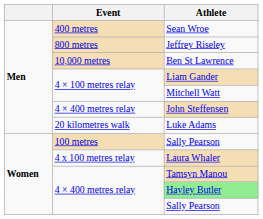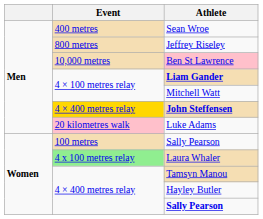 <table class="wikitable"  style="font-size:90%; width:60%;">
 <tr>
 <th></th>
 <th>Event</th>
 <th>Athlete</th>
 </tr>
 <tr>
 <td rowspan=7><strong>Men</strong></td>
 <td style="background:wheat;"><a href='#'>400 metres</a></td>
 <td><a href='#'>Sean Wroe</a></td>
 </tr>
 <tr>
 <td style="background:wheat;"><a href='#'>800 metres</a></td>
 <td><a href='#'>Jeffrey Riseley</a></td>
 </tr>
 <tr>
 <td style="background:wheat;"><a href='#'>10,000 metres</a></td>
-<td><a href='#'>Ben St Lawrence</a></td>
+<td style="background: pink;"><a href='#'>Ben St Lawrence</a></td>
 </tr>
 <tr>
 <td rowspan=2><a href='#'>4 × 100 metres relay</a></td>
-<td style="background:wheat;"><a href='#'>Liam Gander</a></td>
+<td style="background:wheat;"><strong><a href='#'>Liam Gander</a></strong></td>
 </tr>
 <tr>
 <td><a href='#'>Mitchell Watt</a></td>
 </tr>
 <tr>
-<td><a href='#'>4 × 400 metres relay</a></td>
-<td style="background:wheat;"><a href='#'>John Steffensen</a></td>
+<td style="background: gold;"><a href='#'>4 × 400 metres relay</a></td>
+<td style="background:wheat;"><strong><a href='#'>John Steffensen</a></strong></td>
 </tr>
 <tr>
-<td><a href='#'>20 kilometres walk</a></td>
+<td style="background: pink;"><a href='#'>20 kilometres walk</a></td>
 <td><a href='#'>Luke Adams</a></td>
 </tr>
 <tr>
 <td rowspan=5><strong>Women</strong></td>
 <td style="background:wheat;"><a href='#'>100 metres</a></td>
 <td><a href='#'>Sally Pearson</a></td>
 </tr>
 <tr>
-<td><a href='#'>4 x 100 metres relay</a></td>
+<td style="background: lightgreen;"><a href='#'>4 x 100 metres relay</a></td>
 <td style="background:wheat;"><a href='#'>Laura Whaler</a></td>
 </tr>
 <tr>
 <td rowspan=3><a href='#'>4 × 400 metres relay</a></td>
 <td style="background:wheat;"><a href='#'>Tamsyn Manou</a></td>
 </tr>
 <tr>
-<td style="background: lightgreen;"><a href='#'>Hayley Butler</a></td>
+<td><a href='#'>Hayley Butler</a></td>
 </tr>
 <tr>
-<td><a href='#'>Sally Pearson</a></td>
+<td><strong><a href='#'>Sally Pearson</a></strong></td>
 </tr>
 </table>
